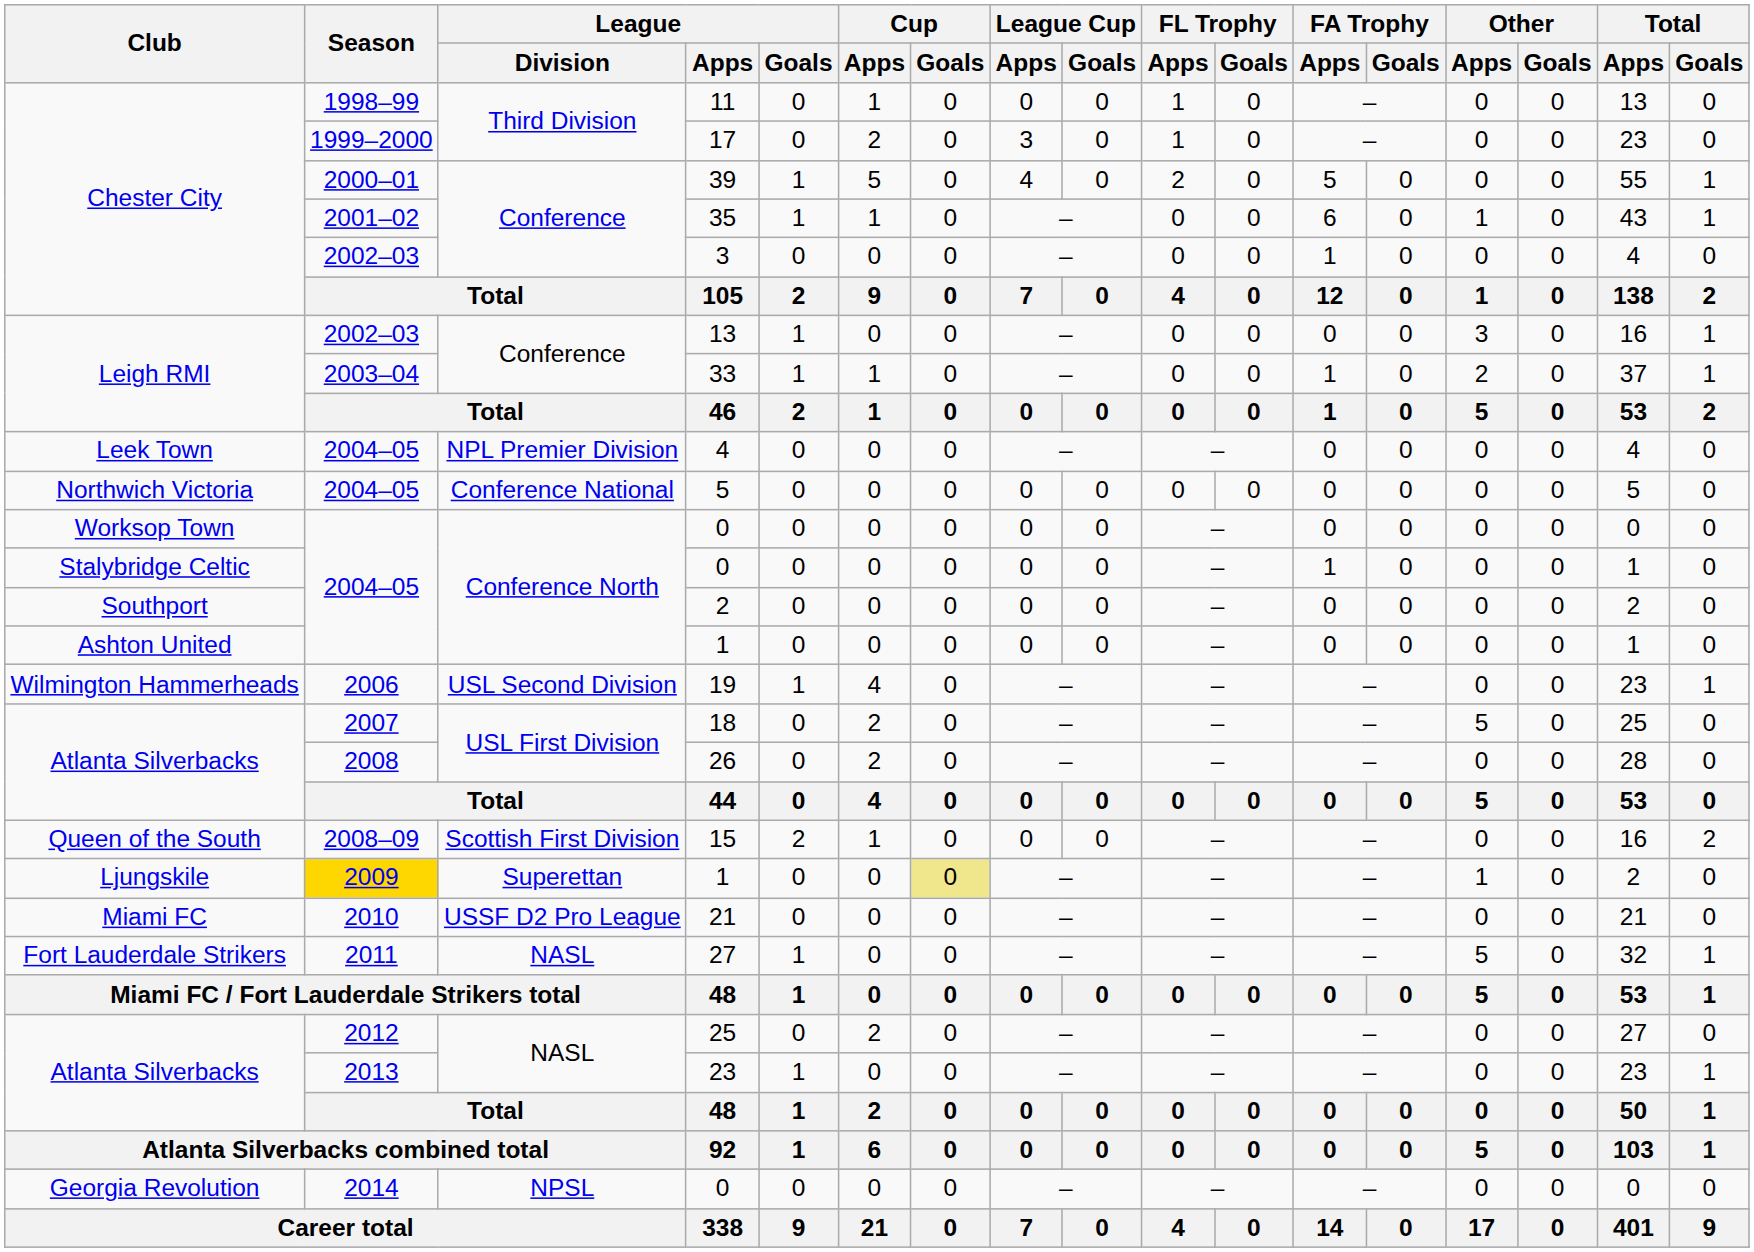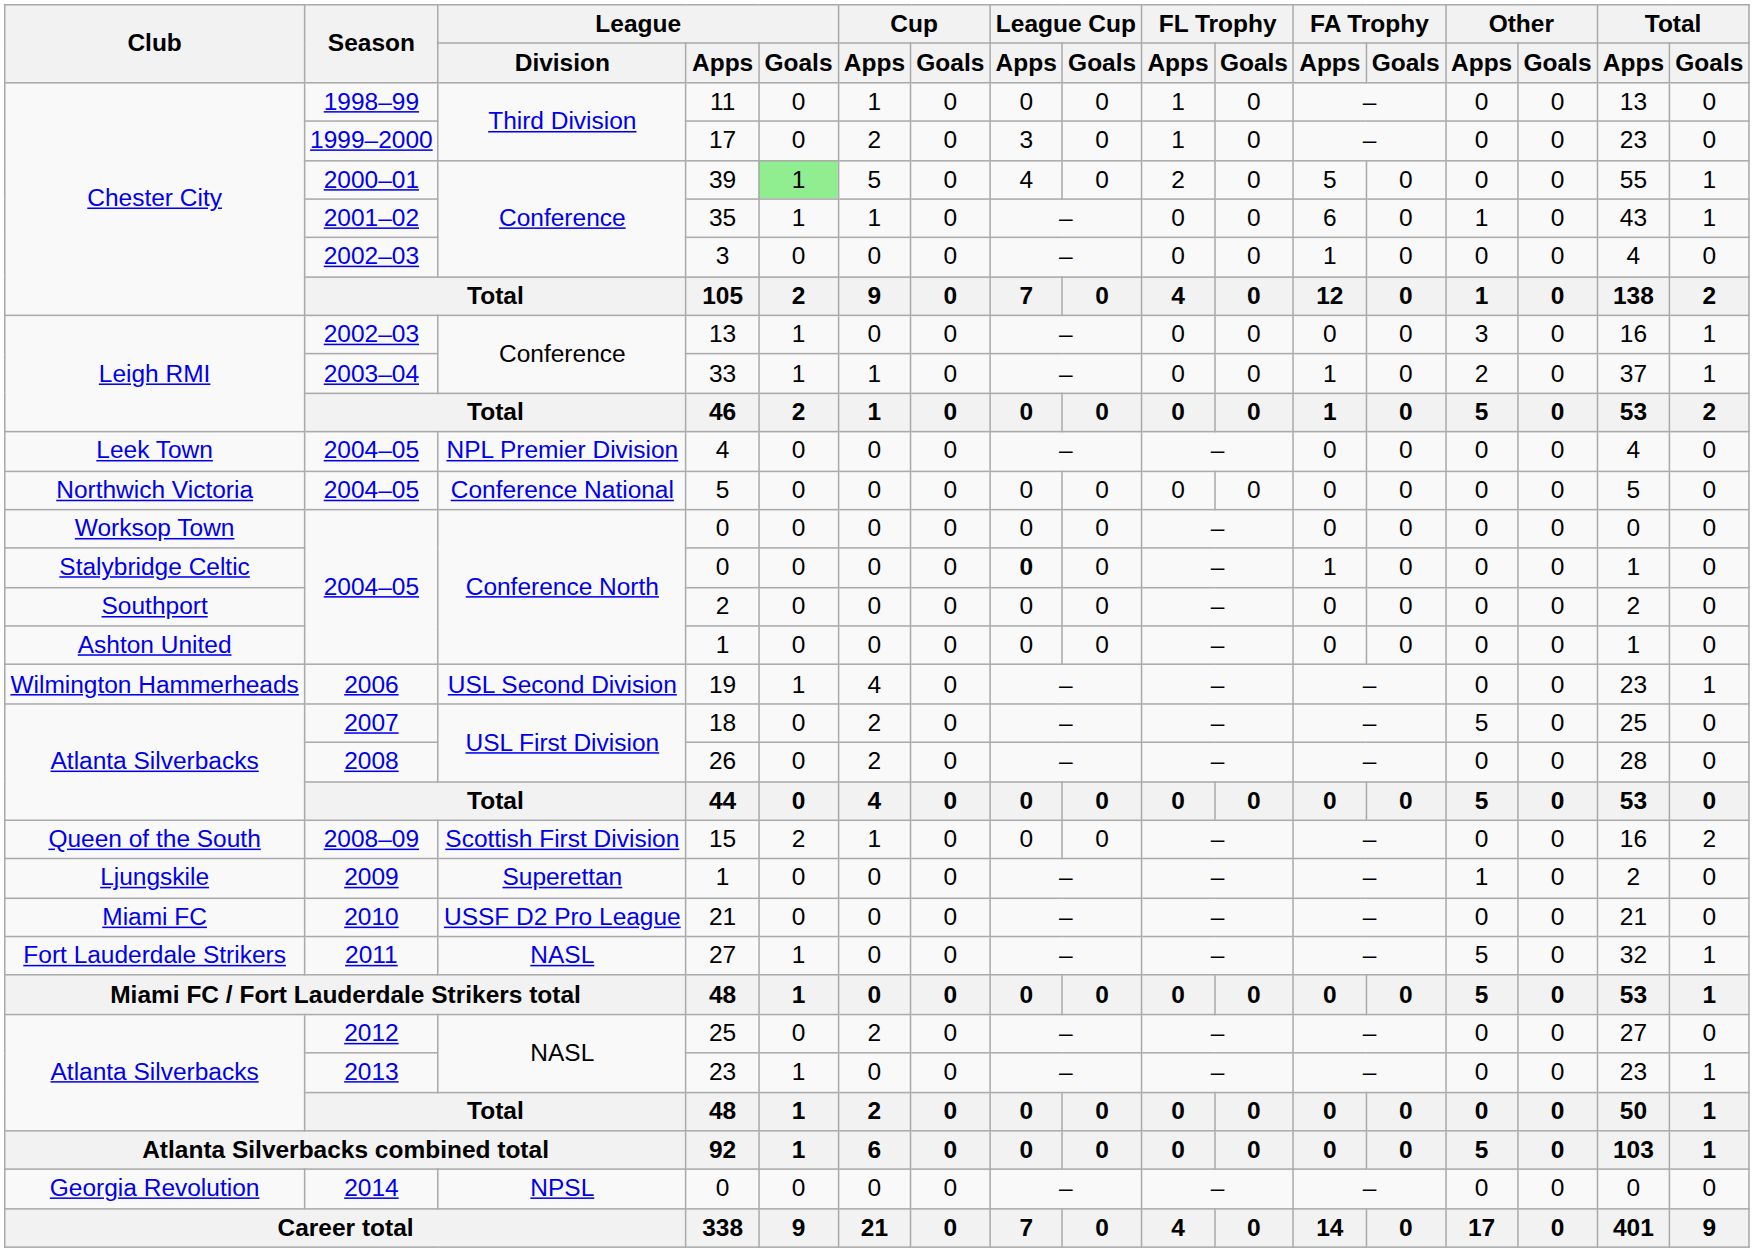 <table class="wikitable" style="text-align:center;">
 <tr>
 <th rowspan="2">Club</th>
 <th rowspan="2">Season</th>
 <th colspan="3">League</th>
 <th colspan="2">Cup</th>
 <th colspan="2">League Cup</th>
 <th colspan="2">FL Trophy</th>
 <th colspan="2">FA Trophy</th>
 <th colspan="2">Other</th>
 <th colspan="2">Total</th>
 </tr>
 <tr>
 <th>Division</th>
 <th>Apps</th>
 <th>Goals</th>
 <th>Apps</th>
 <th>Goals</th>
 <th>Apps</th>
 <th>Goals</th>
 <th>Apps</th>
 <th>Goals</th>
 <th>Apps</th>
 <th>Goals</th>
 <th>Apps</th>
 <th>Goals</th>
 <th>Apps</th>
 <th>Goals</th>
 </tr>
 <tr>
 <td rowspan="6"><a href='#'>Chester City</a></td>
 <td><a href='#'>1998–99</a></td>
 <td rowspan="2"><a href='#'>Third Division</a></td>
 <td>11</td>
 <td>0</td>
 <td>1</td>
 <td>0</td>
 <td>0</td>
 <td>0</td>
 <td>1</td>
 <td>0</td>
 <td colspan="2">–</td>
 <td>0</td>
 <td>0</td>
 <td>13</td>
 <td>0</td>
 </tr>
 <tr>
 <td><a href='#'>1999–2000</a></td>
 <td>17</td>
 <td>0</td>
 <td>2</td>
 <td>0</td>
 <td>3</td>
 <td>0</td>
 <td>1</td>
 <td>0</td>
 <td colspan="2">–</td>
 <td>0</td>
 <td>0</td>
 <td>23</td>
 <td>0</td>
 </tr>
 <tr>
 <td><a href='#'>2000–01</a></td>
 <td rowspan="3"><a href='#'>Conference</a></td>
 <td>39</td>
-<td>1</td>
+<td style="background: lightgreen;">1</td>
 <td>5</td>
 <td>0</td>
 <td>4</td>
 <td>0</td>
 <td>2</td>
 <td>0</td>
 <td>5</td>
 <td>0</td>
 <td>0</td>
 <td>0</td>
 <td>55</td>
 <td>1</td>
 </tr>
 <tr>
 <td><a href='#'>2001–02</a></td>
 <td>35</td>
 <td>1</td>
 <td>1</td>
 <td>0</td>
 <td colspan="2">–</td>
 <td>0</td>
 <td>0</td>
 <td>6</td>
 <td>0</td>
 <td>1</td>
 <td>0</td>
 <td>43</td>
 <td>1</td>
 </tr>
 <tr>
 <td><a href='#'>2002–03</a></td>
 <td>3</td>
 <td>0</td>
 <td>0</td>
 <td>0</td>
 <td colspan="2">–</td>
 <td>0</td>
 <td>0</td>
 <td>1</td>
 <td>0</td>
 <td>0</td>
 <td>0</td>
 <td>4</td>
 <td>0</td>
 </tr>
 <tr>
 <th colspan="2">Total</th>
 <th>105</th>
 <th>2</th>
 <th>9</th>
 <th>0</th>
 <th>7</th>
 <th>0</th>
 <th>4</th>
 <th>0</th>
 <th>12</th>
 <th>0</th>
 <th>1</th>
 <th>0</th>
 <th>138</th>
 <th>2</th>
 </tr>
 <tr>
 <td rowspan="3"><a href='#'>Leigh RMI</a></td>
 <td><a href='#'>2002–03</a></td>
 <td rowspan="2">Conference</td>
 <td>13</td>
 <td>1</td>
 <td>0</td>
 <td>0</td>
 <td colspan="2">–</td>
 <td>0</td>
 <td>0</td>
 <td>0</td>
 <td>0</td>
 <td>3</td>
 <td>0</td>
 <td>16</td>
 <td>1</td>
 </tr>
 <tr>
 <td><a href='#'>2003–04</a></td>
 <td>33</td>
 <td>1</td>
 <td>1</td>
 <td>0</td>
 <td colspan="2">–</td>
 <td>0</td>
 <td>0</td>
 <td>1</td>
 <td>0</td>
 <td>2</td>
 <td>0</td>
 <td>37</td>
 <td>1</td>
 </tr>
 <tr>
 <th colspan="2">Total</th>
 <th>46</th>
 <th>2</th>
 <th>1</th>
 <th>0</th>
 <th>0</th>
 <th>0</th>
 <th>0</th>
 <th>0</th>
 <th>1</th>
 <th>0</th>
 <th>5</th>
 <th>0</th>
 <th>53</th>
 <th>2</th>
 </tr>
 <tr>
 <td><a href='#'>Leek Town</a></td>
 <td><a href='#'>2004–05</a></td>
 <td><a href='#'>NPL Premier Division</a></td>
 <td>4</td>
 <td>0</td>
 <td>0</td>
 <td>0</td>
 <td colspan="2">–</td>
 <td colspan="2">–</td>
 <td>0</td>
 <td>0</td>
 <td>0</td>
 <td>0</td>
 <td>4</td>
 <td>0</td>
 </tr>
 <tr>
 <td><a href='#'>Northwich Victoria</a></td>
 <td><a href='#'>2004–05</a></td>
 <td><a href='#'>Conference National</a></td>
 <td>5</td>
 <td>0</td>
 <td>0</td>
 <td>0</td>
 <td>0</td>
 <td>0</td>
 <td>0</td>
 <td>0</td>
 <td>0</td>
 <td>0</td>
 <td>0</td>
 <td>0</td>
 <td>5</td>
 <td>0</td>
 </tr>
 <tr>
 <td><a href='#'>Worksop Town</a></td>
 <td rowspan="4"><a href='#'>2004–05</a></td>
 <td rowspan="4"><a href='#'>Conference North</a></td>
 <td>0</td>
 <td>0</td>
 <td>0</td>
 <td>0</td>
 <td>0</td>
 <td>0</td>
 <td colspan="2">–</td>
 <td>0</td>
 <td>0</td>
 <td>0</td>
 <td>0</td>
 <td>0</td>
 <td>0</td>
 </tr>
 <tr>
 <td><a href='#'>Stalybridge Celtic</a></td>
 <td>0</td>
 <td>0</td>
 <td>0</td>
 <td>0</td>
-<td>0</td>
+<td><strong>0</strong></td>
 <td>0</td>
 <td colspan="2">–</td>
 <td>1</td>
 <td>0</td>
 <td>0</td>
 <td>0</td>
 <td>1</td>
 <td>0</td>
 </tr>
 <tr>
 <td><a href='#'>Southport</a></td>
 <td>2</td>
 <td>0</td>
 <td>0</td>
 <td>0</td>
 <td>0</td>
 <td>0</td>
 <td colspan="2">–</td>
 <td>0</td>
 <td>0</td>
 <td>0</td>
 <td>0</td>
 <td>2</td>
 <td>0</td>
 </tr>
 <tr>
 <td><a href='#'>Ashton United</a></td>
 <td>1</td>
 <td>0</td>
 <td>0</td>
 <td>0</td>
 <td>0</td>
 <td>0</td>
 <td colspan="2">–</td>
 <td>0</td>
 <td>0</td>
 <td>0</td>
 <td>0</td>
 <td>1</td>
 <td>0</td>
 </tr>
 <tr>
 <td><a href='#'>Wilmington Hammerheads</a></td>
 <td><a href='#'>2006</a></td>
 <td><a href='#'>USL Second Division</a></td>
 <td>19</td>
 <td>1</td>
 <td>4</td>
 <td>0</td>
 <td colspan="2">–</td>
 <td colspan="2">–</td>
 <td colspan="2">–</td>
 <td>0</td>
 <td>0</td>
 <td>23</td>
 <td>1</td>
 </tr>
 <tr>
 <td rowspan="3"><a href='#'>Atlanta Silverbacks</a></td>
 <td><a href='#'>2007</a></td>
 <td rowspan="2"><a href='#'>USL First Division</a></td>
 <td>18</td>
 <td>0</td>
 <td>2</td>
 <td>0</td>
 <td colspan="2">–</td>
 <td colspan="2">–</td>
 <td colspan="2">–</td>
 <td>5</td>
 <td>0</td>
 <td>25</td>
 <td>0</td>
 </tr>
 <tr>
 <td><a href='#'>2008</a></td>
 <td>26</td>
 <td>0</td>
 <td>2</td>
 <td>0</td>
 <td colspan="2">–</td>
 <td colspan="2">–</td>
 <td colspan="2">–</td>
 <td>0</td>
 <td>0</td>
 <td>28</td>
 <td>0</td>
 </tr>
 <tr>
 <th colspan="2">Total</th>
 <th>44</th>
 <th>0</th>
 <th>4</th>
 <th>0</th>
 <th>0</th>
 <th>0</th>
 <th>0</th>
 <th>0</th>
 <th>0</th>
 <th>0</th>
 <th>5</th>
 <th>0</th>
 <th>53</th>
 <th>0</th>
 </tr>
 <tr>
 <td><a href='#'>Queen of the South</a></td>
 <td><a href='#'>2008–09</a></td>
 <td><a href='#'>Scottish First Division</a></td>
 <td>15</td>
 <td>2</td>
 <td>1</td>
 <td>0</td>
 <td>0</td>
 <td>0</td>
 <td colspan="2">–</td>
 <td colspan="2">–</td>
 <td>0</td>
 <td>0</td>
 <td>16</td>
 <td>2</td>
 </tr>
 <tr>
 <td><a href='#'>Ljungskile</a></td>
-<td style="background: gold;"><a href='#'>2009</a></td>
+<td><a href='#'>2009</a></td>
 <td><a href='#'>Superettan</a></td>
 <td>1</td>
 <td>0</td>
 <td>0</td>
-<td style="background: khaki;">0</td>
+<td>0</td>
 <td colspan="2">–</td>
 <td colspan="2">–</td>
 <td colspan="2">–</td>
 <td>1</td>
 <td>0</td>
 <td>2</td>
 <td>0</td>
 </tr>
 <tr>
 <td><a href='#'>Miami FC</a></td>
 <td><a href='#'>2010</a></td>
 <td><a href='#'>USSF D2 Pro League</a></td>
 <td>21</td>
 <td>0</td>
 <td>0</td>
 <td>0</td>
 <td colspan="2">–</td>
 <td colspan="2">–</td>
 <td colspan="2">–</td>
 <td>0</td>
 <td>0</td>
 <td>21</td>
 <td>0</td>
 </tr>
 <tr>
 <td><a href='#'>Fort Lauderdale Strikers</a></td>
 <td><a href='#'>2011</a></td>
 <td><a href='#'>NASL</a></td>
 <td>27</td>
 <td>1</td>
 <td>0</td>
 <td>0</td>
 <td colspan="2">–</td>
 <td colspan="2">–</td>
 <td colspan="2">–</td>
 <td>5</td>
 <td>0</td>
 <td>32</td>
 <td>1</td>
 </tr>
 <tr>
 <th colspan="3">Miami FC / Fort Lauderdale Strikers total</th>
 <th>48</th>
 <th>1</th>
 <th>0</th>
 <th>0</th>
 <th>0</th>
 <th>0</th>
 <th>0</th>
 <th>0</th>
 <th>0</th>
 <th>0</th>
 <th>5</th>
 <th>0</th>
 <th>53</th>
 <th>1</th>
 </tr>
 <tr>
 <td rowspan="3"><a href='#'>Atlanta Silverbacks</a></td>
 <td><a href='#'>2012</a></td>
 <td rowspan="2">NASL</td>
 <td>25</td>
 <td>0</td>
 <td>2</td>
 <td>0</td>
 <td colspan="2">–</td>
 <td colspan="2">–</td>
 <td colspan="2">–</td>
 <td>0</td>
 <td>0</td>
 <td>27</td>
 <td>0</td>
 </tr>
 <tr>
 <td><a href='#'>2013</a></td>
 <td>23</td>
 <td>1</td>
 <td>0</td>
 <td>0</td>
 <td colspan="2">–</td>
 <td colspan="2">–</td>
 <td colspan="2">–</td>
 <td>0</td>
 <td>0</td>
 <td>23</td>
 <td>1</td>
 </tr>
 <tr>
 <th colspan="2">Total</th>
 <th>48</th>
 <th>1</th>
 <th>2</th>
 <th>0</th>
 <th>0</th>
 <th>0</th>
 <th>0</th>
 <th>0</th>
 <th>0</th>
 <th>0</th>
 <th>0</th>
 <th>0</th>
 <th>50</th>
 <th>1</th>
 </tr>
 <tr>
 <th colspan="3">Atlanta Silverbacks combined total</th>
 <th>92</th>
 <th>1</th>
 <th>6</th>
 <th>0</th>
 <th>0</th>
 <th>0</th>
 <th>0</th>
 <th>0</th>
 <th>0</th>
 <th>0</th>
 <th>5</th>
 <th>0</th>
 <th>103</th>
 <th>1</th>
 </tr>
 <tr>
 <td><a href='#'>Georgia Revolution</a></td>
 <td><a href='#'>2014</a></td>
 <td><a href='#'>NPSL</a></td>
 <td>0</td>
 <td>0</td>
 <td>0</td>
 <td>0</td>
 <td colspan="2">–</td>
 <td colspan="2">–</td>
 <td colspan="2">–</td>
 <td>0</td>
 <td>0</td>
 <td>0</td>
 <td>0</td>
 </tr>
 <tr>
 <th colspan="3">Career total</th>
 <th>338</th>
 <th>9</th>
 <th>21</th>
 <th>0</th>
 <th>7</th>
 <th>0</th>
 <th>4</th>
 <th>0</th>
 <th>14</th>
 <th>0</th>
 <th>17</th>
 <th>0</th>
 <th>401</th>
 <th>9</th>
 </tr>
 </table>
